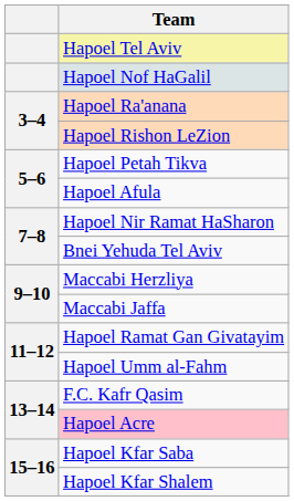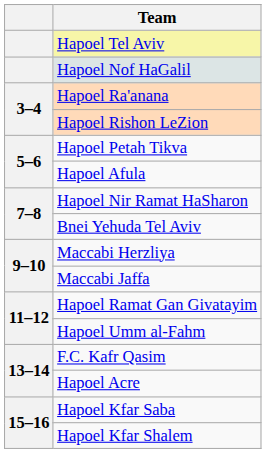 <table class="wikitable">
 <tr>
 <th></th>
 <th>Team</th>
 </tr>
 <tr>
 <th></th>
 <td bgcolor=F7F6A8><a href='#'>Hapoel Tel Aviv</a></td>
 </tr>
 <tr>
 <th></th>
 <td bgcolor=DCE5E5><a href='#'>Hapoel Nof HaGalil</a></td>
 </tr>
 <tr>
 <th rowspan=2>3–4</th>
 <td bgcolor=FFDAB9><a href='#'>Hapoel Ra'anana</a></td>
 </tr>
 <tr>
 <td bgcolor=FFDAB9><a href='#'>Hapoel Rishon LeZion</a></td>
 </tr>
 <tr>
 <th rowspan=2>5–6</th>
 <td><a href='#'>Hapoel Petah Tikva</a></td>
 </tr>
 <tr>
 <td><a href='#'>Hapoel Afula</a></td>
 </tr>
 <tr>
 <th rowspan=2>7–8</th>
 <td><a href='#'>Hapoel Nir Ramat HaSharon</a></td>
 </tr>
 <tr>
 <td><a href='#'>Bnei Yehuda Tel Aviv</a></td>
 </tr>
 <tr>
 <th rowspan=2>9–10</th>
 <td><a href='#'>Maccabi Herzliya</a></td>
 </tr>
 <tr>
 <td><a href='#'>Maccabi Jaffa</a></td>
 </tr>
 <tr>
 <th rowspan=2>11–12</th>
 <td><a href='#'>Hapoel Ramat Gan Givatayim</a></td>
 </tr>
 <tr>
 <td><a href='#'>Hapoel Umm al-Fahm</a></td>
 </tr>
 <tr>
 <th rowspan=2>13–14</th>
 <td><a href='#'>F.C. Kafr Qasim</a></td>
 </tr>
 <tr>
-<td style="background: pink;"><a href='#'>Hapoel Acre</a></td>
+<td><a href='#'>Hapoel Acre</a></td>
 </tr>
 <tr>
 <th rowspan=2>15–16</th>
 <td><a href='#'>Hapoel Kfar Saba</a></td>
 </tr>
 <tr>
 <td><a href='#'>Hapoel Kfar Shalem</a></td>
 </tr>
 </table>
